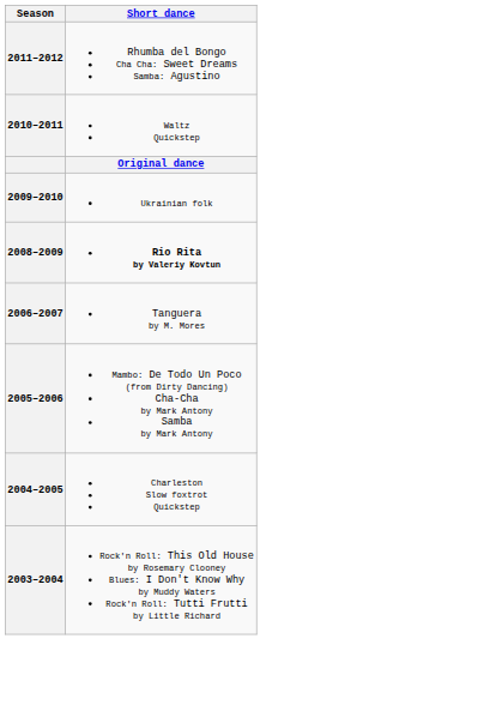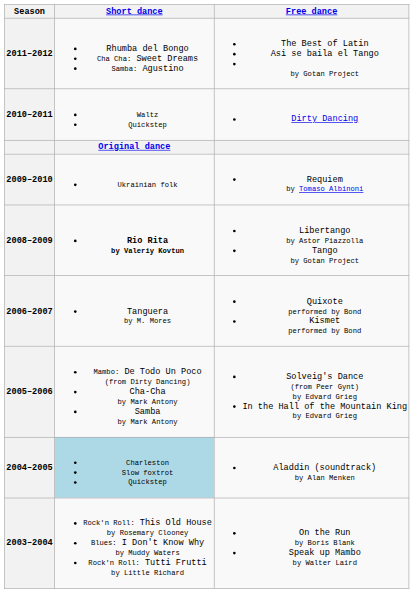 <table class="wikitable" style="text-align:center">
 <tr>
 <th>Season</th>
 <th><a href='#'>Short dance</a></th>
+<th><a href='#'>Free dance</a></th>
 </tr>
 <tr>
 <th>2011–2012 <br> </th>
 <td><br><ul><li>Rhumba del Bongo</li><li><small>Cha Cha:</small> Sweet Dreams</li><li><small>Samba:</small> Agustino</li></ul></td>
+<td><br><ul><li>The Best of Latin</li><li>Asi se baila el Tango</li><li> <br><small> by Gotan Project </small></li></ul></td>
 </tr>
 <tr>
 <th>2010–2011 <br> </th>
 <td><br><ul><li><small>Waltz</small></li><li><small>Quickstep</small></li></ul></td>
+<td><br><ul><li><a href='#'>Dirty Dancing</a></li></ul></td>
 </tr>
 <tr>
 <th></th>
 <th><a href='#'>Original dance</a></th>
+<th></th>
 </tr>
 <tr>
 <th>2009–2010 <br> </th>
 <td><br><ul><li><small>Ukrainian folk</small></li></ul></td>
+<td><br><ul><li>Requiem <br><small> by <a href='#'>Tomaso Albinoni</a> </small></li></ul></td>
 </tr>
 <tr>
 <th>2008–2009 <br> </th>
 <td><strong><br><ul><li>Rio Rita <br><small> by Valeriy Kovtun </small></li></ul></strong></td>
+<td><br><ul><li>Libertango <br><small> by Astor Piazzolla </small></li><li>Tango <br><small> by Gotan Project </small></li></ul></td>
 </tr>
 <tr>
 <th>2006–2007 <br> </th>
 <td><br><ul><li>Tanguera <br><small> by M. Mores </small></li></ul></td>
+<td><br><ul><li>Quixote <br><small> performed by Bond </small></li><li>Kismet <br><small> performed by Bond </small></li></ul></td>
 </tr>
 <tr>
 <th>2005–2006 <br> </th>
 <td><br><ul><li><small>Mambo:</small> De Todo Un Poco <br><small> (from Dirty Dancing) </small></li><li>Cha-Cha <br><small> by Mark Antony </small></li><li>Samba <br><small> by Mark Antony </small></li></ul></td>
+<td><br><ul><li>Solveig's Dance <br><small> (from Peer Gynt) <br> by Edvard Grieg </small></li><li>In the Hall of the Mountain King <br><small> by Edvard Grieg </small></li></ul></td>
 </tr>
 <tr>
 <th>2004–2005 <br> </th>
-<td><br><ul><li><small>Charleston</small></li><li><small>Slow foxtrot</small></li><li><small>Quickstep</small></li></ul></td>
+<td style="background: lightblue;"><br><ul><li><small>Charleston</small></li><li><small>Slow foxtrot</small></li><li><small>Quickstep</small></li></ul></td>
+<td><br><ul><li>Aladdin (soundtrack) <br><small> by Alan Menken </small></li></ul></td>
 </tr>
 <tr>
 <th>2003–2004 <br> </th>
 <td><br><ul><li><small>Rock'n Roll:</small> This Old House <br><small> by Rosemary Clooney </small></li><li><small>Blues:</small> I Don't Know Why <br><small> by Muddy Waters </small></li><li><small>Rock'n Roll:</small> Tutti Frutti <br><small> by Little Richard </small></li></ul></td>
+<td><br><ul><li>On the Run <br><small> by Boris Blank </small></li><li>Speak up Mambo <br><small> by Walter Laird </small></li></ul></td>
 </tr>
 </table>
